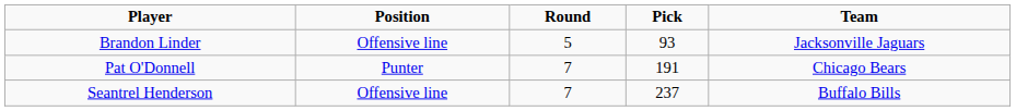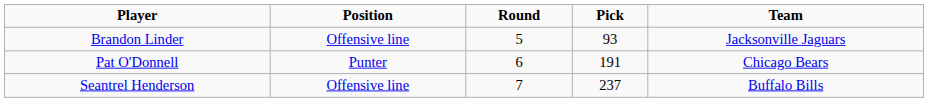 <table class="wikitable" style="width:80%;">
 <tr style="text-align:center; ">
 <td><strong>Player</strong></td>
 <td><strong>Position</strong></td>
 <td><strong>Round</strong></td>
 <td><strong>Pick</strong></td>
 <td><strong>Team</strong></td>
 </tr>
 <tr style="text-align:center;">
 <td><a href='#'>Brandon Linder</a></td>
 <td><a href='#'>Offensive line</a></td>
 <td>5</td>
 <td>93</td>
 <td><a href='#'>Jacksonville Jaguars</a></td>
 </tr>
 <tr style="text-align:center;">
 <td><a href='#'>Pat O'Donnell</a></td>
 <td><a href='#'>Punter</a></td>
-<td>7</td>
+<td>6</td>
 <td>191</td>
 <td><a href='#'>Chicago Bears</a></td>
 </tr>
 <tr style="text-align:center;">
 <td><a href='#'>Seantrel Henderson</a></td>
 <td><a href='#'>Offensive line</a></td>
 <td>7</td>
 <td>237</td>
 <td><a href='#'>Buffalo Bills</a></td>
 </tr>
 </table>
